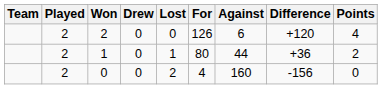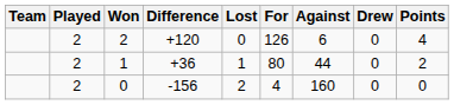 <table class="wikitable" style="text-align:center">
 <tr>
 <th>Team</th>
 <th>Played</th>
 <th>Won</th>
-<th>Drew</th>
+<th>Difference</th>
 <th>Lost</th>
 <th>For</th>
 <th>Against</th>
-<th>Difference</th>
+<th>Drew</th>
 <th>Points</th>
 </tr>
 <tr>
 <td align=left></td>
 <td>2</td>
 <td>2</td>
-<td>0</td>
+<td>+120</td>
 <td>0</td>
 <td>126</td>
 <td>6</td>
-<td>+120</td>
+<td>0</td>
 <td>4</td>
 </tr>
 <tr>
 <td align=left></td>
 <td>2</td>
 <td>1</td>
-<td>0</td>
+<td>+36</td>
 <td>1</td>
 <td>80</td>
 <td>44</td>
-<td>+36</td>
+<td>0</td>
 <td>2</td>
 </tr>
 <tr>
 <td align=left></td>
 <td>2</td>
 <td>0</td>
-<td>0</td>
+<td>-156</td>
 <td>2</td>
 <td>4</td>
 <td>160</td>
-<td>-156</td>
+<td>0</td>
 <td>0</td>
 </tr>
 </table>
